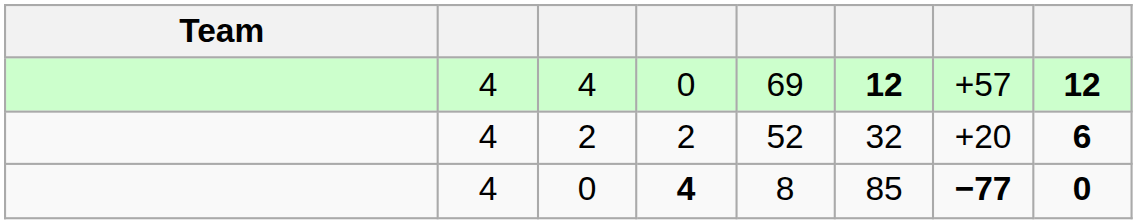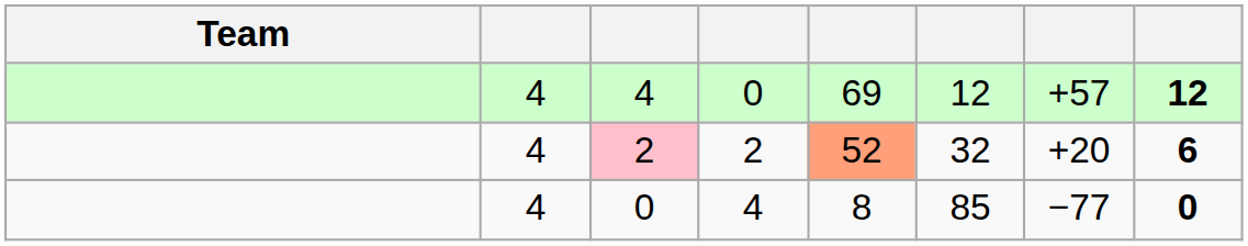 <table class=wikitable style="text-align:center">
 <tr>
 <th width=200>Team</th>
 <th width=40></th>
 <th width=40></th>
 <th width=40></th>
 <th width=40></th>
 <th width=40></th>
 <th width=40></th>
 <th width=40></th>
 </tr>
 <tr bgcolor=ccffcc>
 <td align=left></td>
 <td>4</td>
 <td>4</td>
 <td>0</td>
 <td>69</td>
-<td><strong>12</strong></td>
+<td>12</td>
 <td>+57</td>
 <td><strong>12</strong></td>
 </tr>
 <tr>
 <td align=left></td>
 <td>4</td>
+<td style="background: pink;">2</td>
 <td>2</td>
-<td>2</td>
-<td>52</td>
+<td style="background: lightsalmon;">52</td>
 <td>32</td>
 <td>+20</td>
 <td><strong>6</strong></td>
 </tr>
 <tr>
 <td align=left></td>
 <td>4</td>
 <td>0</td>
-<td><strong>4</strong></td>
+<td>4</td>
 <td>8</td>
 <td>85</td>
-<td><strong>−77</strong></td>
+<td>−77</td>
 <td><strong>0</strong></td>
 </tr>
 </table>
